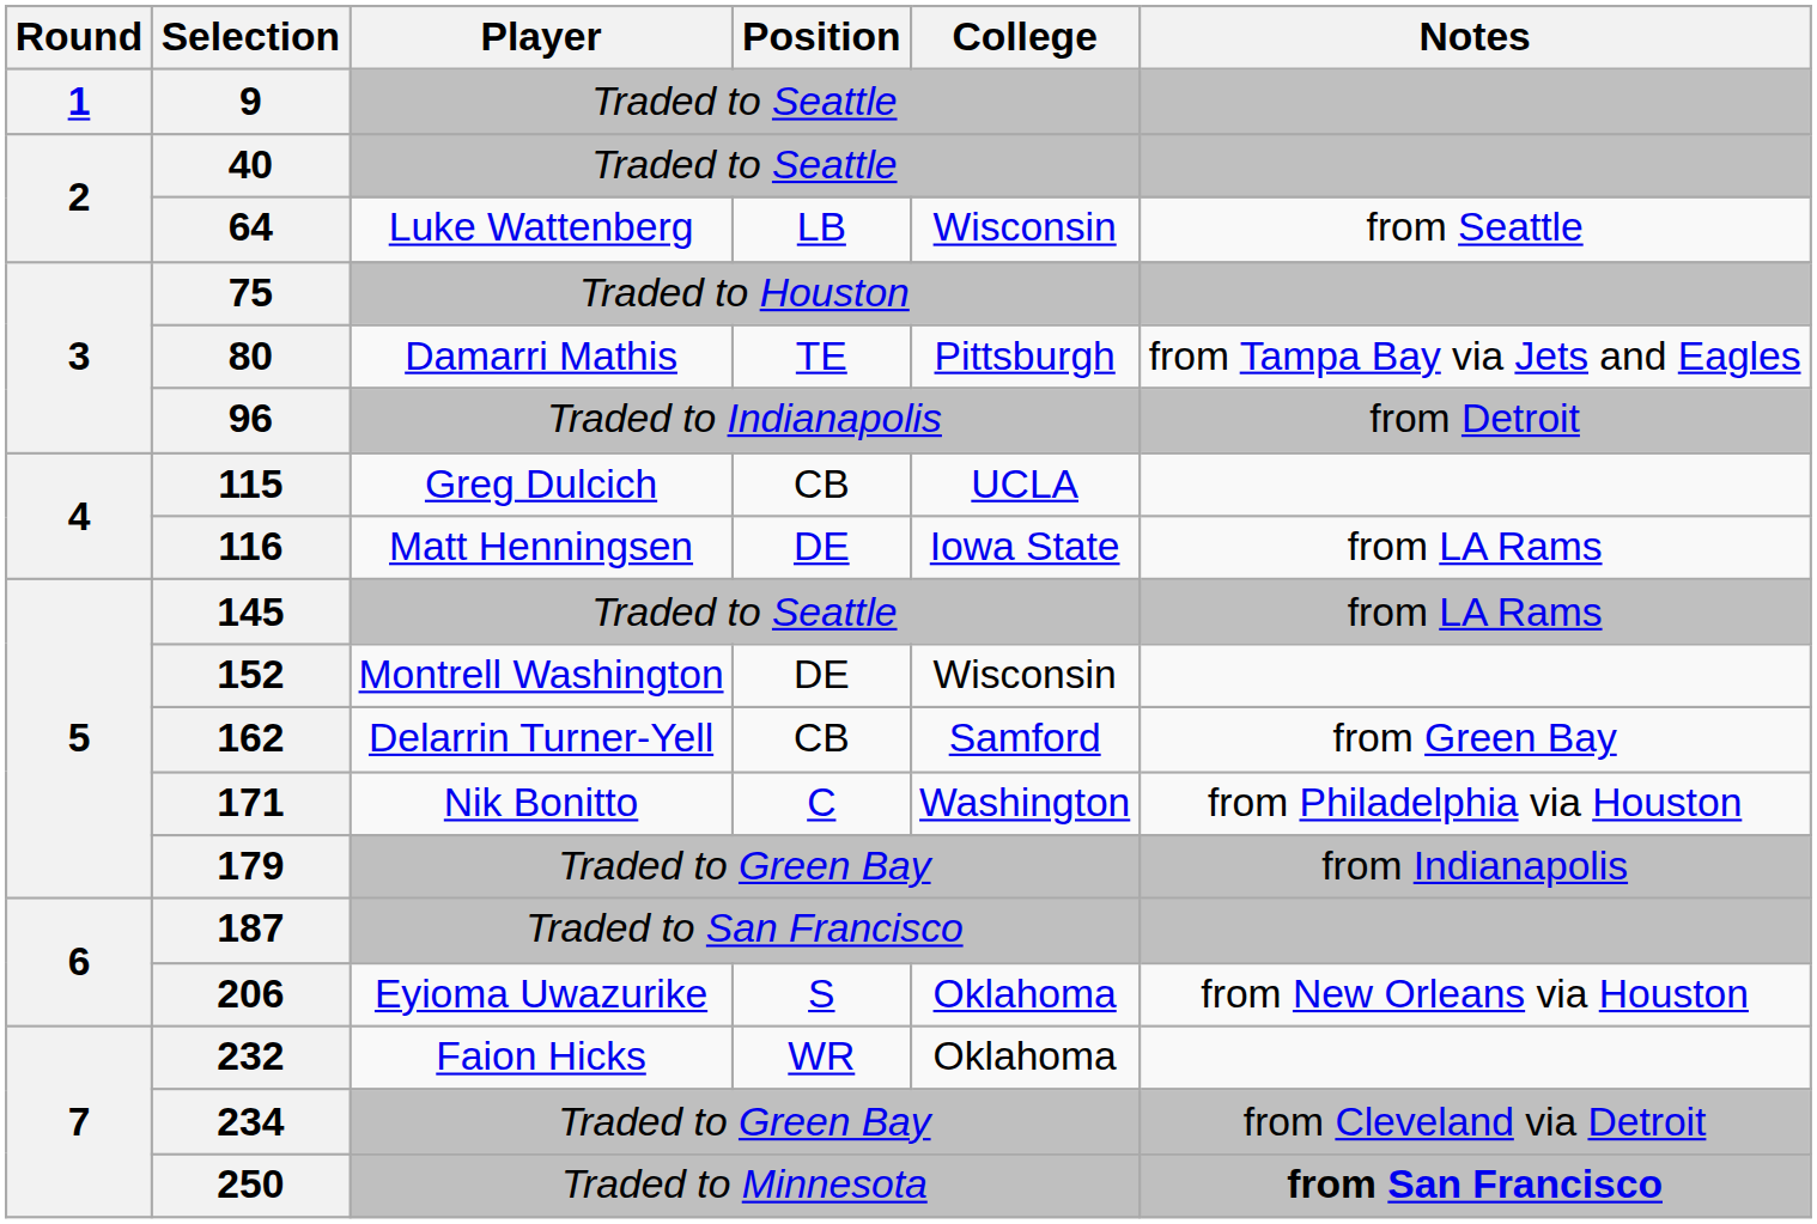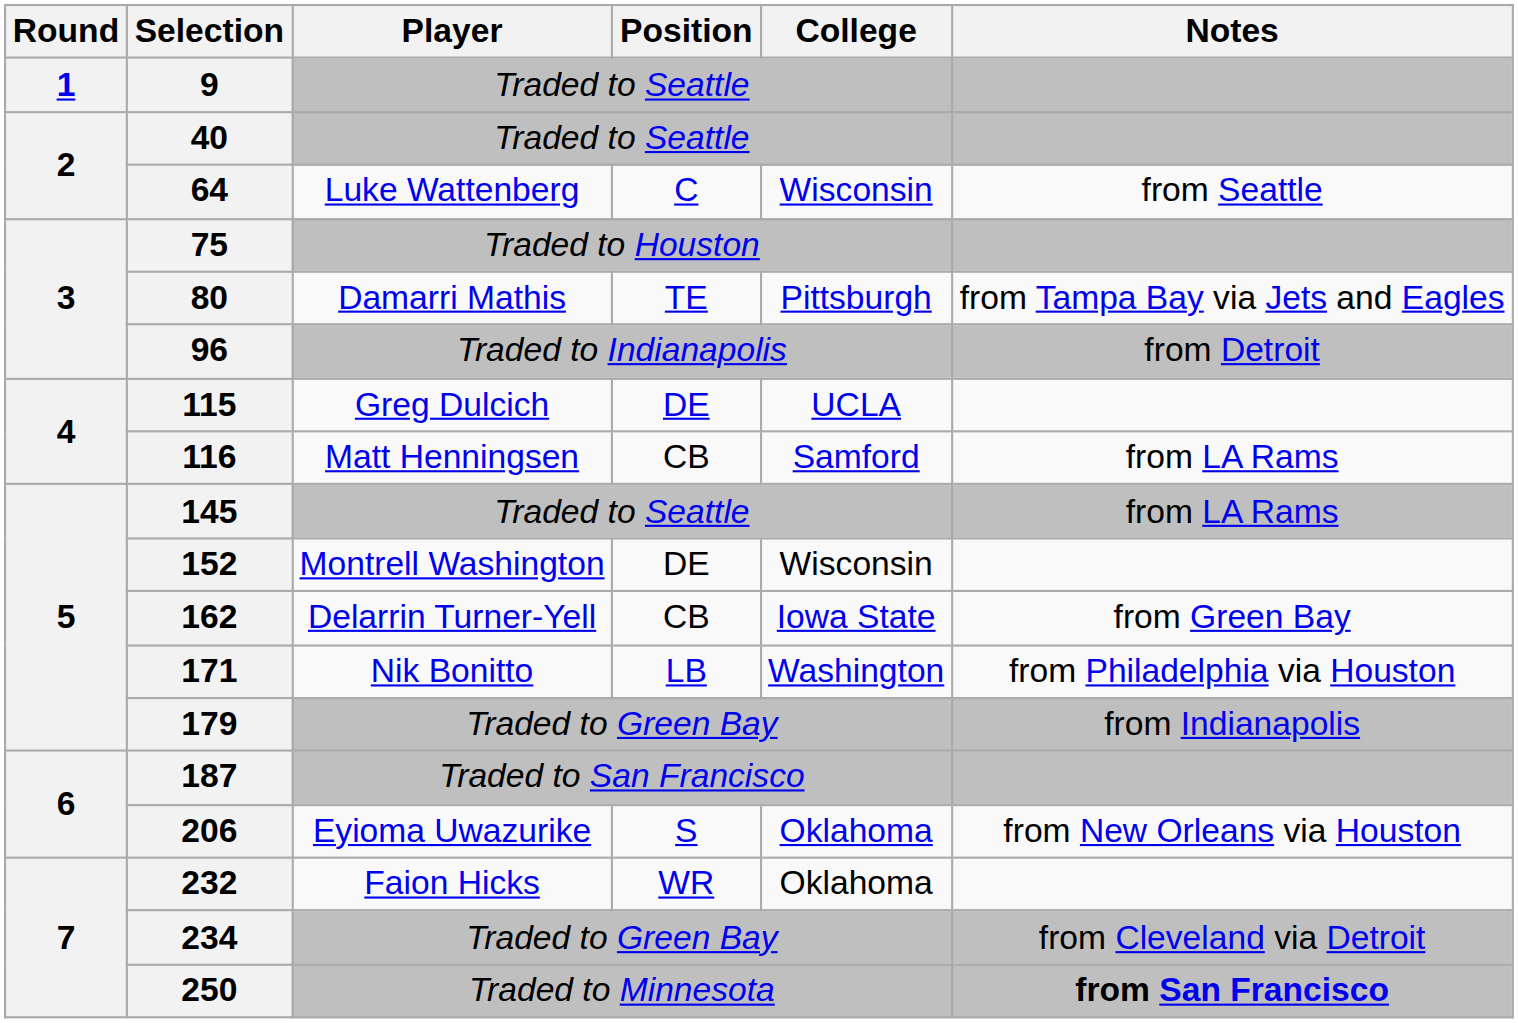 <table class="wikitable" style="text-align:center">
 <tr>
 <th>Round</th>
 <th>Selection</th>
 <th>Player</th>
 <th>Position</th>
 <th>College</th>
 <th>Notes</th>
 </tr>
 <tr>
 <th><a href='#'>1</a></th>
 <th>9</th>
 <td colspan="3" style="background:#BFBFBF"><em>Traded to <a href='#'>Seattle</a></em></td>
 <td style="background:#BFBFBF"></td>
 </tr>
 <tr>
 <th rowspan="2">2</th>
 <th>40</th>
 <td colspan="3" style="background:#BFBFBF"><em>Traded to <a href='#'>Seattle</a></em></td>
 <td style="background:#BFBFBF"></td>
 </tr>
 <tr>
 <th>64</th>
 <td><a href='#'>Luke Wattenberg</a></td>
-<td><a href='#'>LB</a></td>
+<td><a href='#'>C</a></td>
 <td><a href='#'>Wisconsin</a></td>
 <td>from <a href='#'>Seattle</a></td>
 </tr>
 <tr>
 <th rowspan="3">3</th>
 <th>75</th>
 <td colspan="3" style="background:#BFBFBF"><em>Traded to <a href='#'>Houston</a></em></td>
 <td style="background:#BFBFBF"></td>
 </tr>
 <tr>
 <th>80</th>
 <td><a href='#'>Damarri Mathis</a></td>
 <td><a href='#'>TE</a></td>
 <td><a href='#'>Pittsburgh</a></td>
 <td>from <a href='#'>Tampa Bay</a> via <a href='#'>Jets</a> and <a href='#'>Eagles</a></td>
 </tr>
 <tr>
 <th>96</th>
 <td colspan="3" style="background:#BFBFBF"><em>Traded to <a href='#'>Indianapolis</a></em></td>
 <td style="background:#BFBFBF">from <a href='#'>Detroit</a></td>
 </tr>
 <tr>
 <th rowspan=2>4</th>
 <th>115</th>
 <td><a href='#'>Greg Dulcich</a></td>
-<td>CB</td>
+<td><a href='#'>DE</a></td>
 <td><a href='#'>UCLA</a></td>
 <td></td>
 </tr>
 <tr>
 <th>116</th>
 <td><a href='#'>Matt Henningsen</a></td>
-<td><a href='#'>DE</a></td>
-<td><a href='#'>Iowa State</a></td>
+<td>CB</td>
+<td><a href='#'>Samford</a></td>
 <td>from <a href='#'>LA Rams</a></td>
 </tr>
 <tr>
 <th rowspan="5">5</th>
 <th>145</th>
 <td colspan="3" style="background:#BFBFBF"><em>Traded to <a href='#'>Seattle</a></em></td>
 <td style="background:#BFBFBF">from <a href='#'>LA Rams</a></td>
 </tr>
 <tr>
 <th>152</th>
 <td><a href='#'>Montrell Washington</a></td>
 <td>DE</td>
 <td>Wisconsin</td>
 <td></td>
 </tr>
 <tr>
 <th>162</th>
 <td><a href='#'>Delarrin Turner-Yell</a></td>
 <td>CB</td>
-<td><a href='#'>Samford</a></td>
+<td><a href='#'>Iowa State</a></td>
 <td>from <a href='#'>Green Bay</a></td>
 </tr>
 <tr>
 <th>171</th>
 <td><a href='#'>Nik Bonitto</a></td>
-<td><a href='#'>C</a></td>
+<td><a href='#'>LB</a></td>
 <td><a href='#'>Washington</a></td>
 <td>from <a href='#'>Philadelphia</a> via <a href='#'>Houston</a></td>
 </tr>
 <tr>
 <th>179</th>
 <td colspan="3" style="background:#BFBFBF"><em>Traded to <a href='#'>Green Bay</a></em></td>
 <td style="background:#BFBFBF">from <a href='#'>Indianapolis</a></td>
 </tr>
 <tr>
 <th rowspan="2">6</th>
 <th>187</th>
 <td colspan="3" style="background:#BFBFBF"><em>Traded to <a href='#'>San Francisco</a></em></td>
 <td style="background:#BFBFBF"></td>
 </tr>
 <tr>
 <th>206</th>
 <td><a href='#'>Eyioma Uwazurike</a></td>
 <td><a href='#'>S</a></td>
 <td><a href='#'>Oklahoma</a></td>
 <td>from <a href='#'>New Orleans</a> via <a href='#'>Houston</a></td>
 </tr>
 <tr>
 <th rowspan="3">7</th>
 <th>232</th>
 <td><a href='#'>Faion Hicks</a></td>
 <td><a href='#'>WR</a></td>
 <td>Oklahoma</td>
 <td></td>
 </tr>
 <tr>
 <th>234</th>
 <td colspan="3" style="background:#BFBFBF"><em>Traded to  <a href='#'>Green Bay</a></em></td>
 <td style="background:#BFBFBF">from <a href='#'>Cleveland</a> via <a href='#'>Detroit</a></td>
 </tr>
 <tr>
 <th>250</th>
 <td colspan="3" style="background:#BFBFBF"><em>Traded to <a href='#'>Minnesota</a></em></td>
 <td style="background:#BFBFBF"><strong>from <a href='#'>San Francisco</a></strong></td>
 </tr>
 </table>
